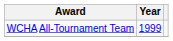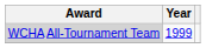 <table class="wikitable">
 <tr>
 <th>Award</th>
 <th>Year</th>
 <th></th>
 </tr>
 <tr>
-<td><a href='#'>WCHA</a> <a href='#'>All-Tournament Team</a></td>
+<td style="background: lightgrey;"><a href='#'>WCHA</a> <a href='#'>All-Tournament Team</a></td>
 <td><a href='#'>1999</a></td>
 <td></td>
 </tr>
 <tr>
 </tr>
 </table>
